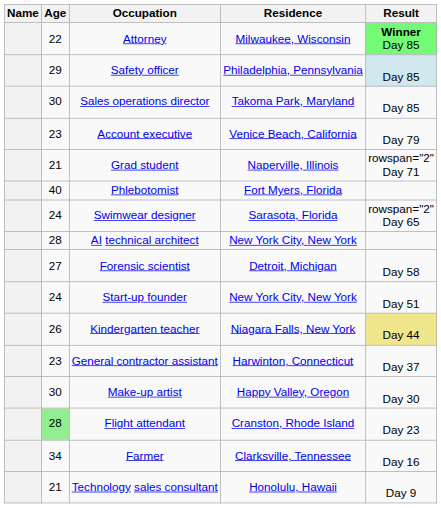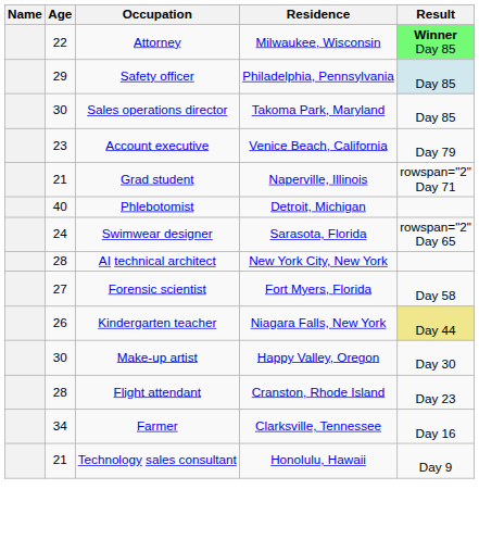 <table class="wikitable sortable" style="text-align:center;">
 <tr>
 <th scope="col">Name</th>
 <th scope="col">Age</th>
 <th scope="col" class="unsortable">Occupation</th>
 <th scope="col" class="unsortable">Residence</th>
 <th scope="col" class="unsortable">Result</th>
 </tr>
 <tr>
 <th scope="row"></th>
 <td>22</td>
 <td><a href='#'>Attorney</a></td>
 <td><a href='#'>Milwaukee, Wisconsin</a></td>
 <td bgcolor="73FB76"><strong>Winner</strong><br>Day 85</td>
 </tr>
 <tr>
 <th scope="row"></th>
 <td>29</td>
 <td><a href='#'>Safety officer</a></td>
 <td><a href='#'>Philadelphia, Pennsylvania</a></td>
 <td bgcolor="D1E8EF"><br>Day 85</td>
 </tr>
 <tr>
 <th scope="row"></th>
 <td>30</td>
 <td><a href='#'>Sales operations director</a></td>
 <td><a href='#'>Takoma Park, Maryland</a></td>
 <td><br>Day 85</td>
 </tr>
 <tr>
 <th scope="row"></th>
 <td>23</td>
 <td><a href='#'>Account executive</a></td>
 <td><a href='#'>Venice Beach, California</a></td>
 <td><br>Day 79</td>
 </tr>
 <tr>
 <th scope="row"></th>
 <td>21</td>
 <td><a href='#'>Grad student</a></td>
 <td><a href='#'>Naperville, Illinois</a></td>
 <td>rowspan="2" <br>Day 71</td>
 </tr>
 <tr>
 <th scope="row"></th>
 <td>40</td>
 <td><a href='#'>Phlebotomist</a></td>
-<td><a href='#'>Fort Myers, Florida</a></td>
+<td><a href='#'>Detroit, Michigan</a></td>
 </tr>
 <tr>
 <th scope="row"></th>
 <td>24</td>
 <td><a href='#'>Swimwear designer</a></td>
 <td><a href='#'>Sarasota, Florida</a></td>
 <td>rowspan="2" <br>Day 65</td>
 </tr>
 <tr>
 <th scope="row"></th>
 <td>28</td>
 <td><a href='#'>AI</a> <a href='#'>technical architect</a></td>
 <td><a href='#'>New York City, New York</a></td>
 </tr>
 <tr>
 <th scope="row"></th>
 <td>27</td>
 <td><a href='#'>Forensic scientist</a></td>
-<td><a href='#'>Detroit, Michigan</a></td>
+<td><a href='#'>Fort Myers, Florida</a></td>
 <td><br>Day 58</td>
-</tr>
-<tr>
-<th scope="row"></th>
-<td>24</td>
-<td><a href='#'>Start-up founder</a></td>
-<td><a href='#'>New York City, New York</a></td>
-<td><br>Day 51</td>
 </tr>
 <tr>
 <th scope="row"></th>
 <td>26</td>
 <td><a href='#'>Kindergarten teacher</a></td>
 <td><a href='#'>Niagara Falls, New York</a></td>
 <td style="background: khaki;"><br>Day 44</td>
 </tr>
 <tr>
 <th scope="row"></th>
-<td>23</td>
-<td><a href='#'>General contractor assistant</a></td>
-<td><a href='#'>Harwinton, Connecticut</a></td>
-<td><br>Day 37</td>
-</tr>
-<tr>
-<th scope="row"></th>
 <td>30</td>
 <td><a href='#'>Make-up artist</a></td>
 <td><a href='#'>Happy Valley, Oregon</a></td>
 <td><br>Day 30</td>
 </tr>
 <tr>
 <th scope="row"></th>
-<td style="background: lightgreen;">28</td>
+<td>28</td>
 <td><a href='#'>Flight attendant</a></td>
 <td><a href='#'>Cranston, Rhode Island</a></td>
 <td><br>Day 23</td>
 </tr>
 <tr>
 <th scope="row"></th>
 <td>34</td>
 <td><a href='#'>Farmer</a></td>
 <td><a href='#'>Clarksville, Tennessee</a></td>
 <td><br>Day 16</td>
 </tr>
 <tr>
 <th scope="row"></th>
 <td>21</td>
 <td><a href='#'>Technology</a> <a href='#'>sales consultant</a></td>
 <td><a href='#'>Honolulu, Hawaii</a></td>
 <td><br>Day 9</td>
 </tr>
 </table>
